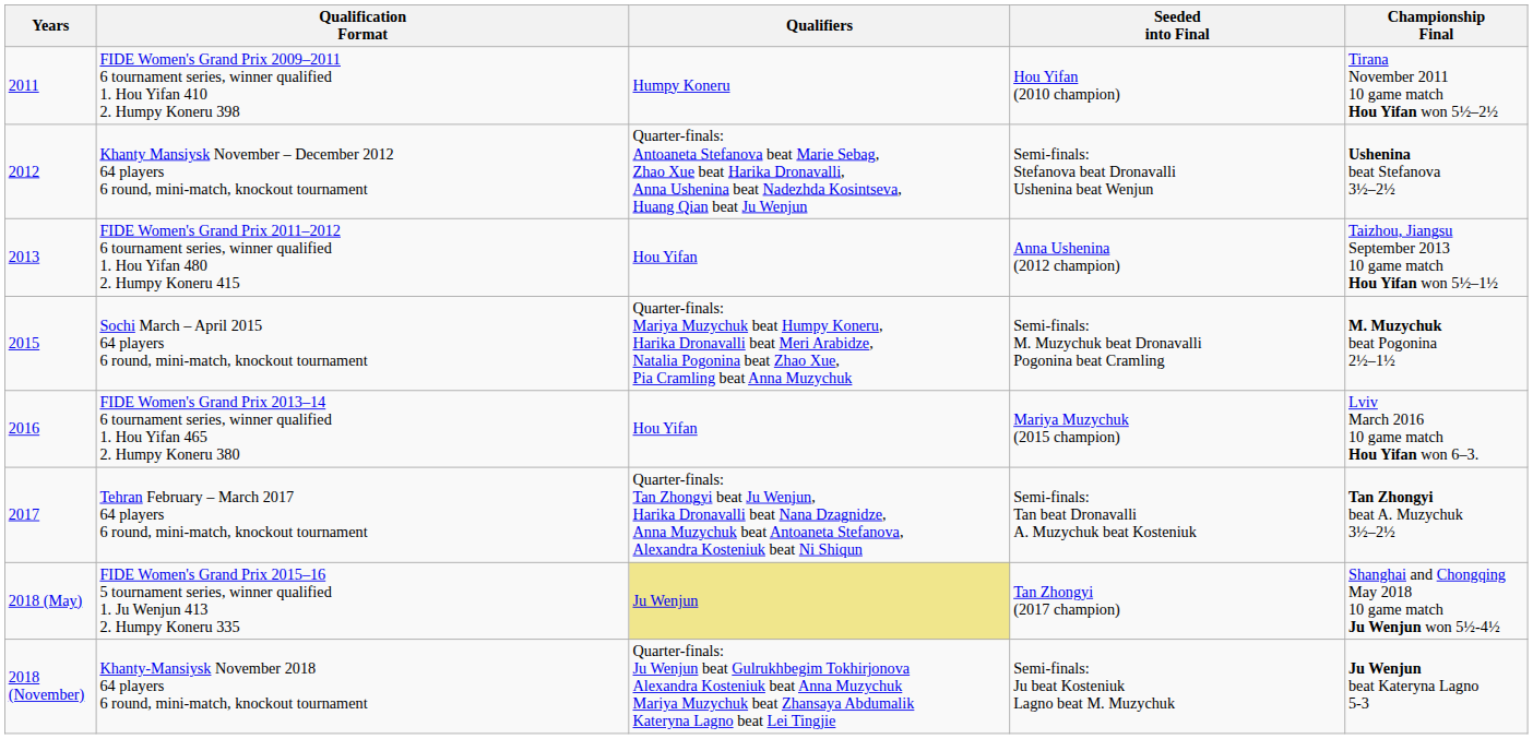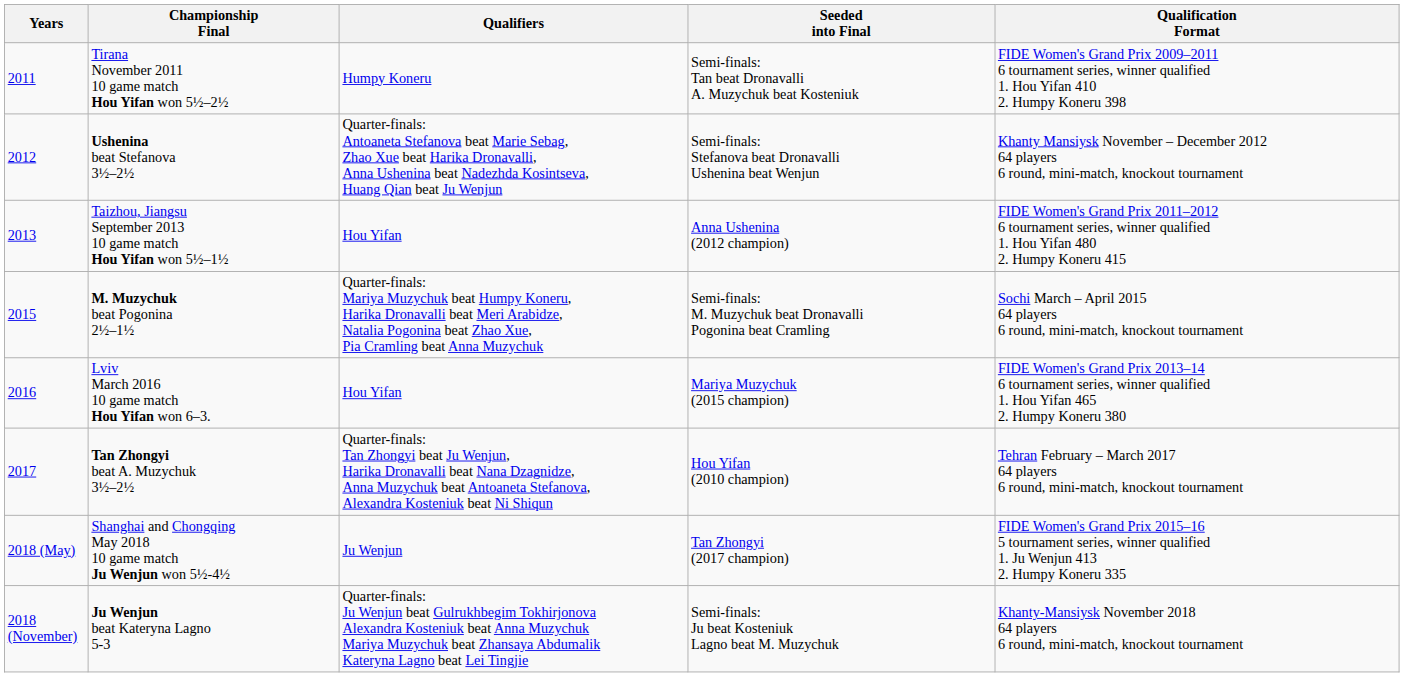 <table class="wikitable">
 <tr>
 <th width=6%><strong>Years</strong></th>
-<th width=35%><strong>Qualification<br>Format</strong></th>
+<th width=18%><strong>Championship<br>Final</strong></th>
 <th width=25%><strong>Qualifiers</strong></th>
 <th width=22%><strong>Seeded<br>into Final</strong></th>
-<th width=18%><strong>Championship<br>Final</strong></th>
+<th width=35%><strong>Qualification<br>Format</strong></th>
 </tr>
 <tr>
 <td><a href='#'>2011</a></td>
+<td><a href='#'>Tirana</a><br>November 2011<br>10 game match<br><strong>Hou Yifan</strong> won 5½–2½</td>
+<td><a href='#'>Humpy Koneru</a></td>
+<td>Semi-finals:<br>Tan beat Dronavalli<br>A. Muzychuk beat Kosteniuk</td>
 <td><a href='#'>FIDE Women's Grand Prix 2009–2011</a><br>6 tournament series, winner qualified<br>1. Hou Yifan 410<br>2. Humpy Koneru 398<br></td>
-<td><a href='#'>Humpy Koneru</a></td>
-<td><a href='#'>Hou Yifan</a><br>(2010 champion)</td>
-<td><a href='#'>Tirana</a><br>November 2011<br>10 game match<br><strong>Hou Yifan</strong> won 5½–2½</td>
 </tr>
 <tr>
 <td><a href='#'>2012</a></td>
-<td><a href='#'>Khanty Mansiysk</a> November – December 2012<br>64 players<br>6 round, mini-match, knockout tournament</td>
+<td><strong>Ushenina</strong><br>beat Stefanova<br>3½–2½</td>
 <td>Quarter-finals:<br><a href='#'>Antoaneta Stefanova</a> beat <a href='#'>Marie Sebag</a>,<br><a href='#'>Zhao Xue</a> beat <a href='#'>Harika Dronavalli</a>,<br><a href='#'>Anna Ushenina</a> beat <a href='#'>Nadezhda Kosintseva</a>,<br><a href='#'>Huang Qian</a> beat <a href='#'>Ju Wenjun</a></td>
 <td>Semi-finals:<br>Stefanova beat Dronavalli<br>Ushenina beat Wenjun</td>
-<td><strong>Ushenina</strong><br>beat Stefanova<br>3½–2½</td>
+<td><a href='#'>Khanty Mansiysk</a> November – December 2012<br>64 players<br>6 round, mini-match, knockout tournament</td>
 </tr>
 <tr>
 <td><a href='#'>2013</a></td>
-<td><a href='#'>FIDE Women's Grand Prix 2011–2012</a><br>6 tournament series, winner qualified<br>1. Hou Yifan 480<br>2. Humpy Koneru 415</td>
+<td><a href='#'>Taizhou, Jiangsu</a><br>September 2013<br>10 game match<br><strong>Hou Yifan</strong> won 5½–1½</td>
 <td><a href='#'>Hou Yifan</a></td>
 <td><a href='#'>Anna Ushenina</a><br>(2012 champion)</td>
-<td><a href='#'>Taizhou, Jiangsu</a><br>September 2013<br>10 game match<br><strong>Hou Yifan</strong> won 5½–1½</td>
+<td><a href='#'>FIDE Women's Grand Prix 2011–2012</a><br>6 tournament series, winner qualified<br>1. Hou Yifan 480<br>2. Humpy Koneru 415</td>
 </tr>
 <tr>
 <td><a href='#'>2015</a></td>
-<td><a href='#'>Sochi</a> March – April 2015<br>64 players<br>6 round, mini-match, knockout tournament</td>
+<td><strong>M. Muzychuk</strong><br>beat Pogonina<br>2½–1½</td>
 <td>Quarter-finals:<br><a href='#'>Mariya Muzychuk</a> beat <a href='#'>Humpy Koneru</a>,<br><a href='#'>Harika Dronavalli</a> beat <a href='#'>Meri Arabidze</a>,<br><a href='#'>Natalia Pogonina</a> beat <a href='#'>Zhao Xue</a>,<br><a href='#'>Pia Cramling</a> beat <a href='#'>Anna Muzychuk</a></td>
 <td>Semi-finals:<br>M. Muzychuk beat Dronavalli<br>Pogonina beat Cramling</td>
-<td><strong>M. Muzychuk</strong><br>beat Pogonina<br>2½–1½</td>
+<td><a href='#'>Sochi</a> March – April 2015<br>64 players<br>6 round, mini-match, knockout tournament</td>
 </tr>
 <tr>
 <td><a href='#'>2016</a></td>
-<td><a href='#'>FIDE Women's Grand Prix 2013–14</a><br>6 tournament series, winner qualified<br>1. Hou Yifan 465<br>2. Humpy Koneru 380<br></td>
+<td><a href='#'>Lviv</a><br>March 2016<br>10 game match<br><strong>Hou Yifan</strong> won 6–3.<br></td>
 <td><a href='#'>Hou Yifan</a></td>
 <td><a href='#'>Mariya Muzychuk</a><br>(2015 champion)</td>
-<td><a href='#'>Lviv</a><br>March 2016<br>10 game match<br><strong>Hou Yifan</strong> won 6–3.<br></td>
+<td><a href='#'>FIDE Women's Grand Prix 2013–14</a><br>6 tournament series, winner qualified<br>1. Hou Yifan 465<br>2. Humpy Koneru 380<br></td>
 </tr>
 <tr>
 <td><a href='#'>2017</a></td>
+<td><strong>Tan Zhongyi</strong><br>beat A. Muzychuk<br>3½–2½</td>
+<td>Quarter-finals:<br><a href='#'>Tan Zhongyi</a> beat <a href='#'>Ju Wenjun</a>,<br><a href='#'>Harika Dronavalli</a> beat <a href='#'>Nana Dzagnidze</a>,<br><a href='#'>Anna Muzychuk</a> beat <a href='#'>Antoaneta Stefanova</a>,<br><a href='#'>Alexandra Kosteniuk</a> beat <a href='#'>Ni Shiqun</a></td>
+<td><a href='#'>Hou Yifan</a><br>(2010 champion)</td>
 <td><a href='#'>Tehran</a> February – March 2017<br>64 players<br>6 round, mini-match, knockout tournament</td>
-<td>Quarter-finals:<br><a href='#'>Tan Zhongyi</a> beat <a href='#'>Ju Wenjun</a>,<br><a href='#'>Harika Dronavalli</a> beat <a href='#'>Nana Dzagnidze</a>,<br><a href='#'>Anna Muzychuk</a> beat <a href='#'>Antoaneta Stefanova</a>,<br><a href='#'>Alexandra Kosteniuk</a> beat <a href='#'>Ni Shiqun</a></td>
-<td>Semi-finals:<br>Tan beat Dronavalli<br>A. Muzychuk beat Kosteniuk</td>
-<td><strong>Tan Zhongyi</strong><br>beat A. Muzychuk<br>3½–2½</td>
 </tr>
 <tr>
 <td><a href='#'>2018 (May)</a></td>
+<td><a href='#'>Shanghai</a> and <a href='#'>Chongqing</a><br>May 2018<br>10 game match<br><strong>Ju Wenjun</strong> won 5½-4½</td>
+<td><a href='#'>Ju Wenjun</a></td>
+<td><a href='#'>Tan Zhongyi</a><br>(2017 champion)</td>
 <td><a href='#'>FIDE Women's Grand Prix 2015–16</a><br>5 tournament series, winner qualified<br>1. Ju Wenjun 413<br>2. Humpy Koneru 335<br></td>
-<td style="background: khaki;"><a href='#'>Ju Wenjun</a></td>
-<td><a href='#'>Tan Zhongyi</a><br>(2017 champion)</td>
-<td><a href='#'>Shanghai</a> and <a href='#'>Chongqing</a><br>May 2018<br>10 game match<br><strong>Ju Wenjun</strong> won 5½-4½</td>
 </tr>
 <tr>
 <td><a href='#'>2018 (November)</a></td>
-<td><a href='#'>Khanty-Mansiysk</a> November 2018<br>64 players<br>6 round, mini-match, knockout tournament</td>
+<td><strong>Ju Wenjun</strong><br>beat Kateryna Lagno<br>5-3</td>
 <td>Quarter-finals:<br><a href='#'>Ju Wenjun</a> beat <a href='#'>Gulrukhbegim Tokhirjonova</a><br><a href='#'>Alexandra Kosteniuk</a> beat <a href='#'>Anna Muzychuk</a><br><a href='#'>Mariya Muzychuk</a> beat <a href='#'>Zhansaya Abdumalik</a><br><a href='#'>Kateryna Lagno</a> beat <a href='#'>Lei Tingjie</a></td>
 <td>Semi-finals:<br>Ju beat Kosteniuk<br>Lagno beat M. Muzychuk</td>
-<td><strong>Ju Wenjun</strong><br>beat Kateryna Lagno<br>5-3</td>
+<td><a href='#'>Khanty-Mansiysk</a> November 2018<br>64 players<br>6 round, mini-match, knockout tournament</td>
 </tr>
 </table>
